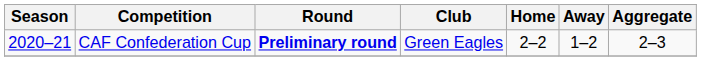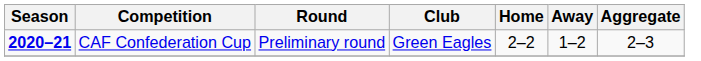 <table class="wikitable">
 <tr>
 <th>Season</th>
 <th>Competition</th>
 <th>Round</th>
 <th>Club</th>
 <th>Home</th>
 <th>Away</th>
 <th>Aggregate</th>
 </tr>
 <tr>
-<td style="background-color:"><a href='#'>2020–21</a></td>
+<td style="background-color:"><strong><a href='#'>2020–21</a></strong></td>
 <td rowspan="1"><a href='#'>CAF Confederation Cup</a></td>
-<td style="background-color:"><strong><a href='#'>Preliminary round</a></strong></td>
+<td style="background-color:"><a href='#'>Preliminary round</a></td>
 <td style="background-color:"> <a href='#'>Green Eagles</a></td>
 <td style="background-color:" align="center">2–2</td>
 <td style="background-color:" align="center">1–2</td>
 <td style="background-color:" align="center">2–3</td>
 </tr>
 <tr>
 </tr>
 </table>
